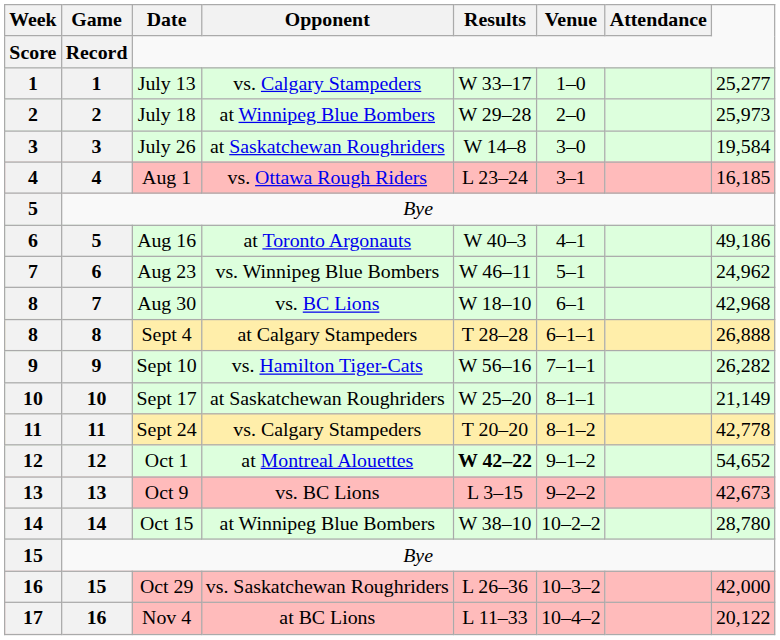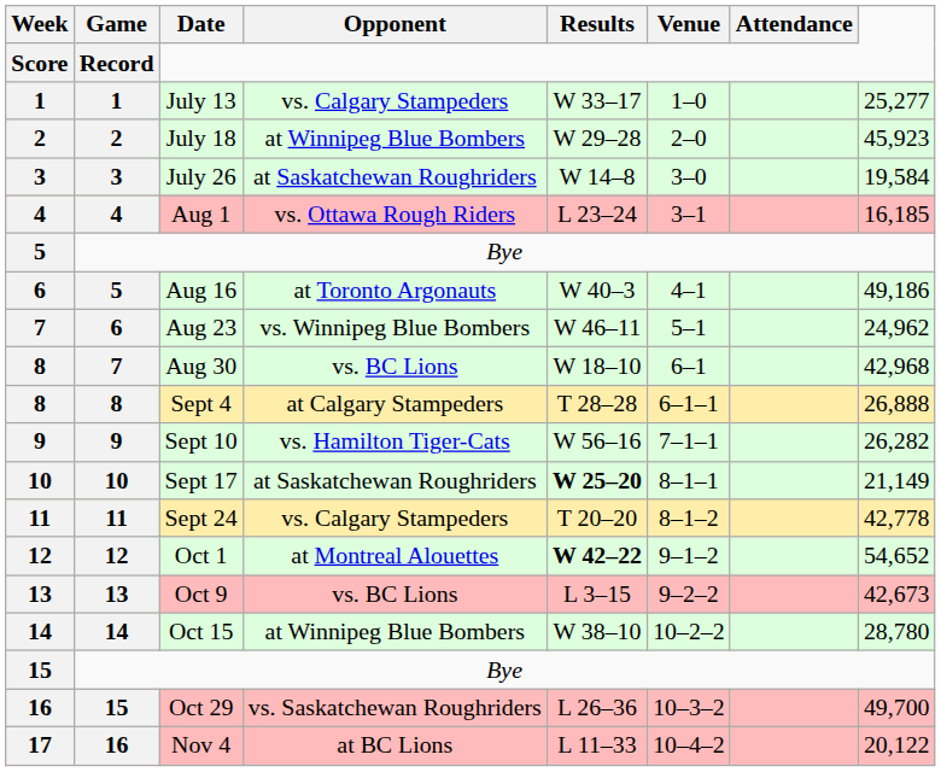 <table class="wikitable" style="text-align:center">
 <tr>
 <th>Week</th>
 <th>Game</th>
 <th>Date</th>
 <th>Opponent</th>
 <th>Results</th>
 <th>Venue</th>
 <th>Attendance</th>
 </tr>
 <tr>
 <th>Score</th>
 <th>Record</th>
 </tr>
 <tr style="background:#ddffdd">
 <th>1</th>
 <th>1</th>
 <td>July 13</td>
 <td>vs. <a href='#'>Calgary Stampeders</a></td>
 <td>W 33–17</td>
 <td>1–0</td>
 <td></td>
 <td>25,277</td>
 </tr>
 <tr style="background:#ddffdd">
 <th>2</th>
 <th>2</th>
 <td>July 18</td>
 <td>at <a href='#'>Winnipeg Blue Bombers</a></td>
 <td>W 29–28</td>
 <td>2–0</td>
 <td></td>
-<td>25,973</td>
+<td>45,923</td>
 </tr>
 <tr style="background:#ddffdd">
 <th>3</th>
 <th>3</th>
 <td>July 26</td>
 <td>at <a href='#'>Saskatchewan Roughriders</a></td>
 <td>W 14–8</td>
 <td>3–0</td>
 <td></td>
 <td>19,584</td>
 </tr>
 <tr style="background:#ffbbbb">
 <th>4</th>
 <th>4</th>
 <td>Aug 1</td>
 <td>vs. <a href='#'>Ottawa Rough Riders</a></td>
 <td>L 23–24</td>
 <td>3–1</td>
 <td></td>
 <td>16,185</td>
 </tr>
 <tr align="center">
 <th>5</th>
 <td colspan=7 align="center"><em>Bye</em></td>
 </tr>
 <tr style="background:#ddffdd">
 <th>6</th>
 <th>5</th>
 <td>Aug 16</td>
 <td>at <a href='#'>Toronto Argonauts</a></td>
 <td>W 40–3</td>
 <td>4–1</td>
 <td></td>
 <td>49,186</td>
 </tr>
 <tr style="background:#ddffdd">
 <th>7</th>
 <th>6</th>
 <td>Aug 23</td>
 <td>vs. Winnipeg Blue Bombers</td>
 <td>W 46–11</td>
 <td>5–1</td>
 <td></td>
 <td>24,962</td>
 </tr>
 <tr style="background:#ddffdd">
 <th>8</th>
 <th>7</th>
 <td>Aug 30</td>
 <td>vs. <a href='#'>BC Lions</a></td>
 <td>W 18–10</td>
 <td>6–1</td>
 <td></td>
 <td>42,968</td>
 </tr>
 <tr style="background:#ffeeaa">
 <th>8</th>
 <th>8</th>
 <td>Sept 4</td>
 <td>at Calgary Stampeders</td>
 <td>T 28–28</td>
 <td>6–1–1</td>
 <td></td>
 <td>26,888</td>
 </tr>
 <tr style="background:#ddffdd">
 <th>9</th>
 <th>9</th>
 <td>Sept 10</td>
 <td>vs. <a href='#'>Hamilton Tiger-Cats</a></td>
 <td>W 56–16</td>
 <td>7–1–1</td>
 <td></td>
 <td>26,282</td>
 </tr>
 <tr style="background:#ddffdd">
 <th>10</th>
 <th>10</th>
 <td>Sept 17</td>
 <td>at Saskatchewan Roughriders</td>
-<td>W 25–20</td>
+<td><strong>W 25–20</strong></td>
 <td>8–1–1</td>
 <td></td>
 <td>21,149</td>
 </tr>
 <tr style="background:#ffeeaa">
 <th>11</th>
 <th>11</th>
 <td>Sept 24</td>
 <td>vs. Calgary Stampeders</td>
 <td>T 20–20</td>
 <td>8–1–2</td>
 <td></td>
 <td>42,778</td>
 </tr>
 <tr style="background:#ddffdd">
 <th>12</th>
 <th>12</th>
 <td>Oct 1</td>
 <td>at <a href='#'>Montreal Alouettes</a></td>
 <td><strong>W 42–22</strong></td>
 <td>9–1–2</td>
 <td></td>
 <td>54,652</td>
 </tr>
 <tr style="background:#ffbbbb">
 <th>13</th>
 <th>13</th>
 <td>Oct 9</td>
 <td>vs. BC Lions</td>
 <td>L 3–15</td>
 <td>9–2–2</td>
 <td></td>
 <td>42,673</td>
 </tr>
 <tr style="background:#ddffdd">
 <th>14</th>
 <th>14</th>
 <td>Oct 15</td>
 <td>at Winnipeg Blue Bombers</td>
 <td>W 38–10</td>
 <td>10–2–2</td>
 <td></td>
 <td>28,780</td>
 </tr>
 <tr>
 <th>15</th>
 <td colspan=7><em>Bye</em></td>
 </tr>
 <tr style="background:#ffbbbb">
 <th>16</th>
 <th>15</th>
 <td>Oct 29</td>
 <td>vs. Saskatchewan Roughriders</td>
 <td>L 26–36</td>
 <td>10–3–2</td>
 <td></td>
-<td>42,000</td>
+<td>49,700</td>
 </tr>
 <tr style="background:#ffbbbb">
 <th>17</th>
 <th>16</th>
 <td>Nov 4</td>
 <td>at BC Lions</td>
 <td>L 11–33</td>
 <td>10–4–2</td>
 <td></td>
 <td>20,122</td>
 </tr>
 </table>
